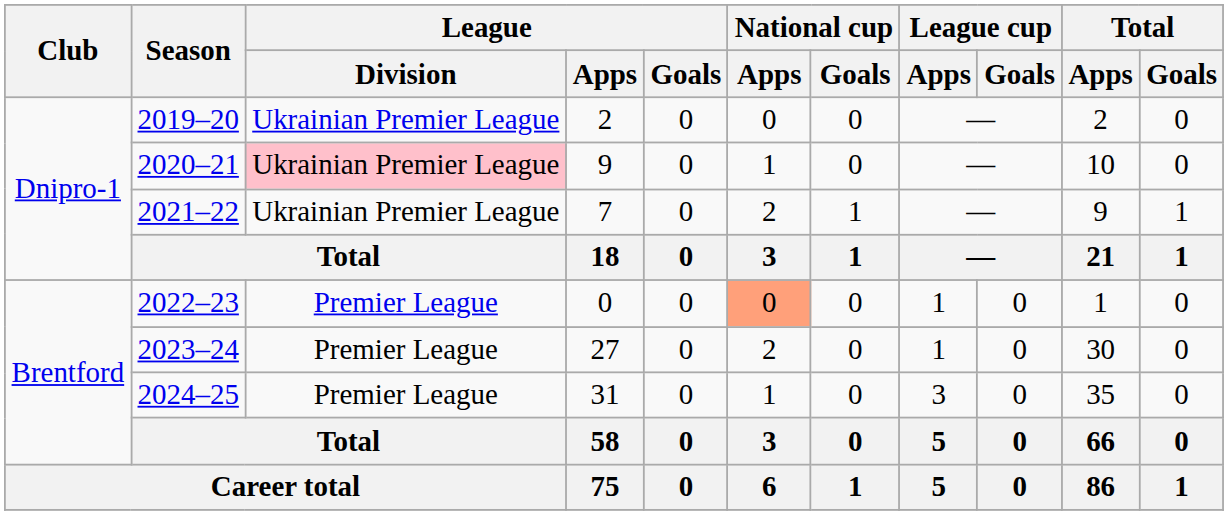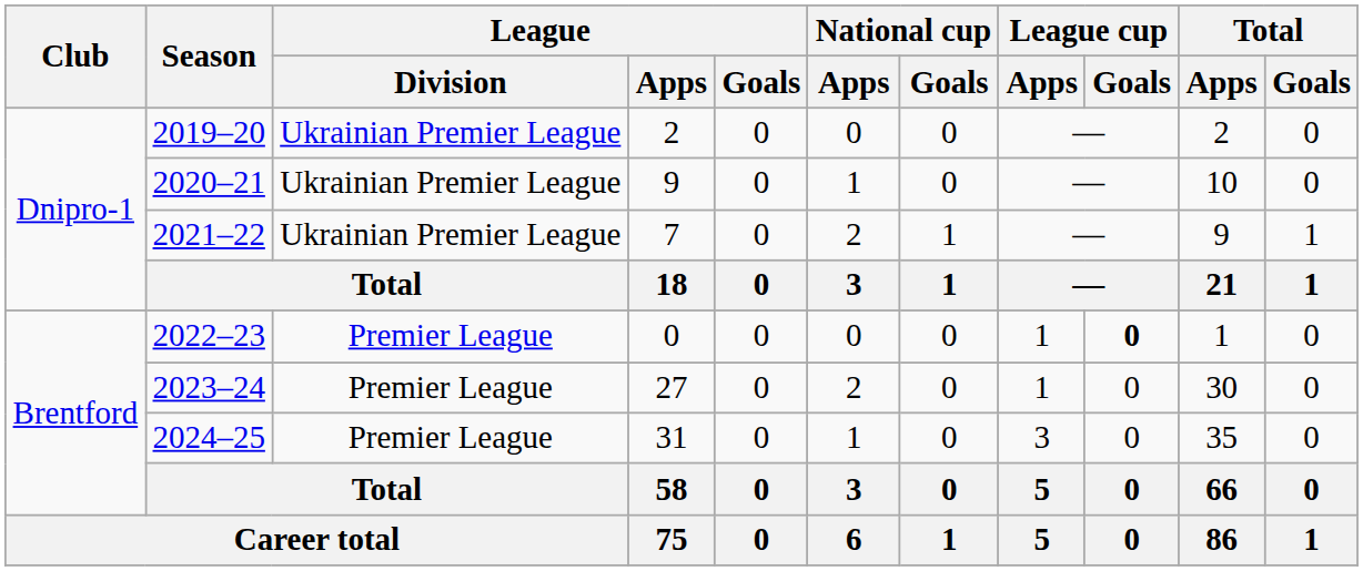 <table class="wikitable" style="text-align:center">
 <tr>
 <th rowspan="2">Club</th>
 <th rowspan="2">Season</th>
 <th colspan="3">League</th>
 <th colspan="2">National cup</th>
 <th colspan="2">League cup</th>
 <th colspan="2">Total</th>
 </tr>
 <tr>
 <th>Division</th>
 <th>Apps</th>
 <th>Goals</th>
 <th>Apps</th>
 <th>Goals</th>
 <th>Apps</th>
 <th>Goals</th>
 <th>Apps</th>
 <th>Goals</th>
 </tr>
 <tr>
 <td rowspan="4"><a href='#'>Dnipro-1</a></td>
 <td><a href='#'>2019–20</a></td>
 <td><a href='#'>Ukrainian Premier League</a></td>
 <td>2</td>
 <td>0</td>
 <td>0</td>
 <td>0</td>
 <td colspan="2">—</td>
 <td>2</td>
 <td>0</td>
 </tr>
 <tr>
 <td><a href='#'>2020–21</a></td>
-<td style="background: pink;">Ukrainian Premier League</td>
+<td>Ukrainian Premier League</td>
 <td>9</td>
 <td>0</td>
 <td>1</td>
 <td>0</td>
 <td colspan="2">—</td>
 <td>10</td>
 <td>0</td>
 </tr>
 <tr>
 <td><a href='#'>2021–22</a></td>
 <td>Ukrainian Premier League</td>
 <td>7</td>
 <td>0</td>
 <td>2</td>
 <td>1</td>
 <td colspan="2">—</td>
 <td>9</td>
 <td>1</td>
 </tr>
 <tr>
 <th colspan="2">Total</th>
 <th>18</th>
 <th>0</th>
 <th>3</th>
 <th>1</th>
 <th colspan="2">—</th>
 <th>21</th>
 <th>1</th>
 </tr>
 <tr>
 <td rowspan="4"><a href='#'>Brentford</a></td>
 <td><a href='#'>2022–23</a></td>
 <td><a href='#'>Premier League</a></td>
 <td>0</td>
 <td>0</td>
-<td style="background: lightsalmon;">0</td>
+<td>0</td>
 <td>0</td>
 <td>1</td>
-<td>0</td>
+<td><strong>0</strong></td>
 <td>1</td>
 <td>0</td>
 </tr>
 <tr>
 <td><a href='#'>2023–24</a></td>
 <td>Premier League</td>
 <td>27</td>
 <td>0</td>
 <td>2</td>
 <td>0</td>
 <td>1</td>
 <td>0</td>
 <td>30</td>
 <td>0</td>
 </tr>
 <tr>
 <td><a href='#'>2024–25</a></td>
 <td>Premier League</td>
 <td>31</td>
 <td>0</td>
 <td>1</td>
 <td>0</td>
 <td>3</td>
 <td>0</td>
 <td>35</td>
 <td>0</td>
 </tr>
 <tr>
 <th colspan="2">Total</th>
 <th>58</th>
 <th>0</th>
 <th>3</th>
 <th>0</th>
 <th>5</th>
 <th>0</th>
 <th>66</th>
 <th>0</th>
 </tr>
 <tr>
 <th colspan="3">Career total</th>
 <th>75</th>
 <th>0</th>
 <th>6</th>
 <th>1</th>
 <th>5</th>
 <th>0</th>
 <th>86</th>
 <th>1</th>
 </tr>
 </table>
